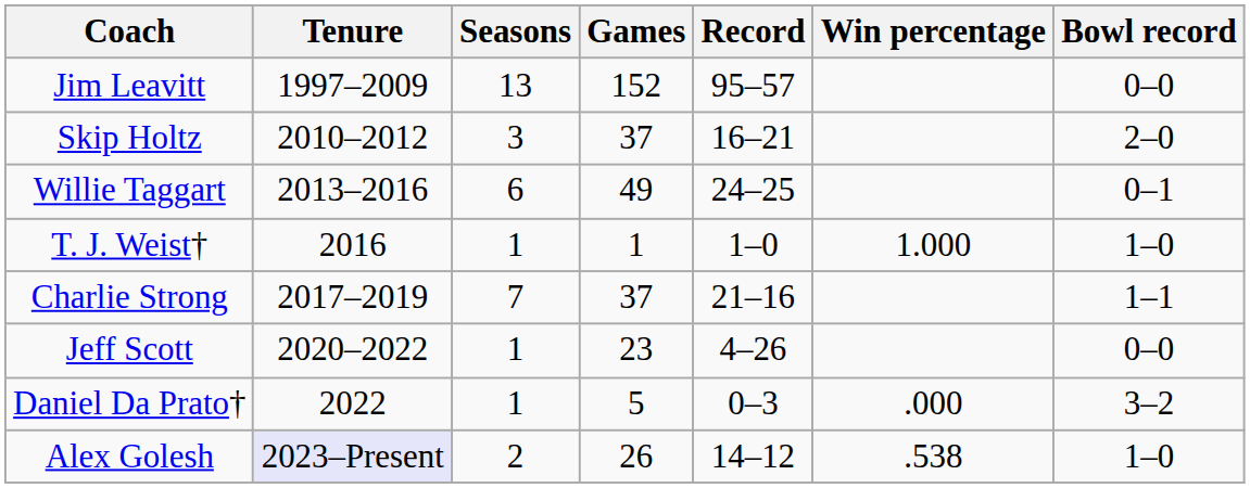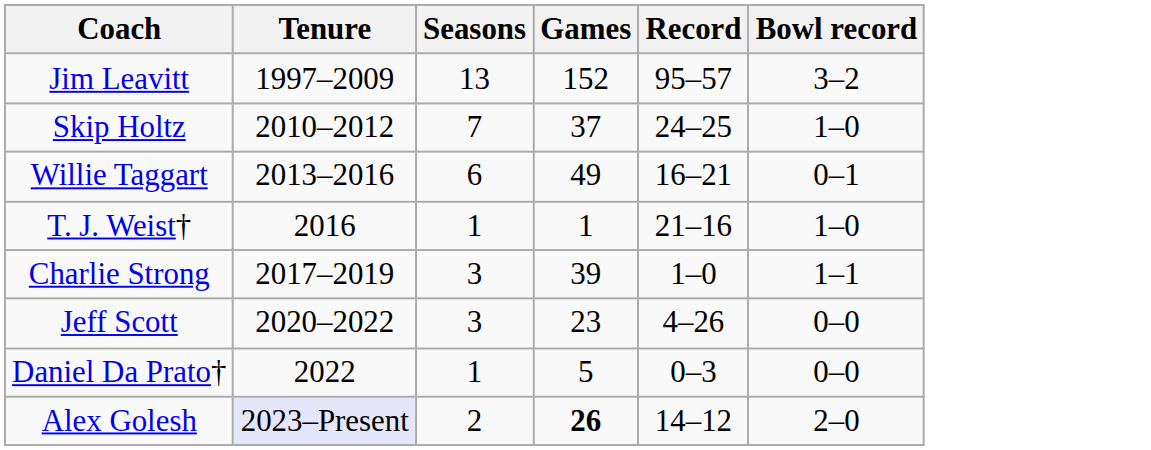 <table class="wikitable sortable" style="text-align:center;">
 <tr>
 <th style="text-align:center;">Coach</th>
 <th style="text-align:center;">Tenure</th>
 <th style="text-align:center;">Seasons</th>
 <th style="text-align:center;">Games</th>
 <th style="text-align:center;">Record</th>
-<th style="text-align:center;">Win percentage</th>
 <th style="text-align:center;">Bowl record</th>
 </tr>
 <tr>
 <td><a href='#'>Jim Leavitt</a></td>
 <td>1997–2009</td>
 <td>13</td>
 <td>152</td>
 <td>95–57</td>
-<td></td>
-<td>0–0</td>
+<td>3–2</td>
 </tr>
 <tr>
 <td><a href='#'>Skip Holtz</a></td>
 <td>2010–2012</td>
-<td>3</td>
+<td>7</td>
 <td>37</td>
-<td>16–21</td>
-<td></td>
-<td>2–0</td>
+<td>24–25</td>
+<td>1–0</td>
 </tr>
 <tr>
 <td><a href='#'>Willie Taggart</a></td>
 <td>2013–2016</td>
 <td>6</td>
 <td>49</td>
-<td>24–25</td>
-<td></td>
+<td>16–21</td>
 <td>0–1</td>
 </tr>
 <tr>
 <td><a href='#'>T. J. Weist</a>†</td>
 <td>2016</td>
 <td>1</td>
 <td>1</td>
-<td>1–0</td>
-<td>1.000</td>
+<td>21–16</td>
 <td>1–0</td>
 </tr>
 <tr>
 <td><a href='#'>Charlie Strong</a></td>
 <td>2017–2019</td>
-<td>7</td>
-<td>37</td>
-<td>21–16</td>
-<td></td>
+<td>3</td>
+<td>39</td>
+<td>1–0</td>
 <td>1–1</td>
 </tr>
 <tr>
 <td><a href='#'>Jeff Scott</a></td>
 <td>2020–2022</td>
-<td>1</td>
+<td>3</td>
 <td>23</td>
 <td>4–26</td>
-<td></td>
 <td>0–0</td>
 </tr>
 <tr>
 <td><a href='#'>Daniel Da Prato</a>†</td>
 <td>2022</td>
 <td>1</td>
 <td>5</td>
 <td>0–3</td>
-<td>.000</td>
-<td>3–2</td>
+<td>0–0</td>
 </tr>
 <tr>
 <td><a href='#'>Alex Golesh</a></td>
 <td style="background: lavender;">2023–Present</td>
 <td>2</td>
-<td>26</td>
+<td><strong>26</strong></td>
 <td>14–12</td>
-<td>.538</td>
-<td>1–0</td>
+<td>2–0</td>
 </tr>
 </table>
